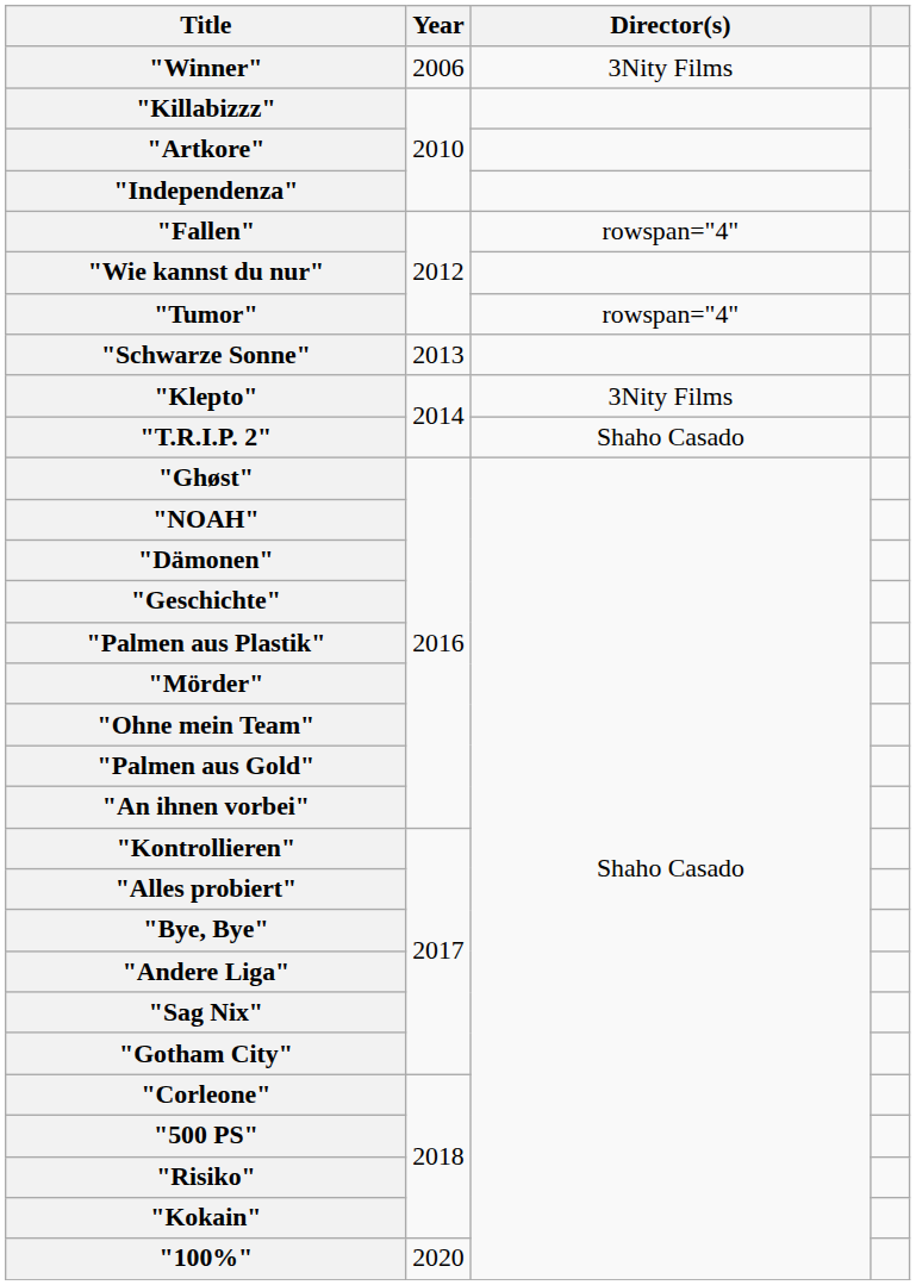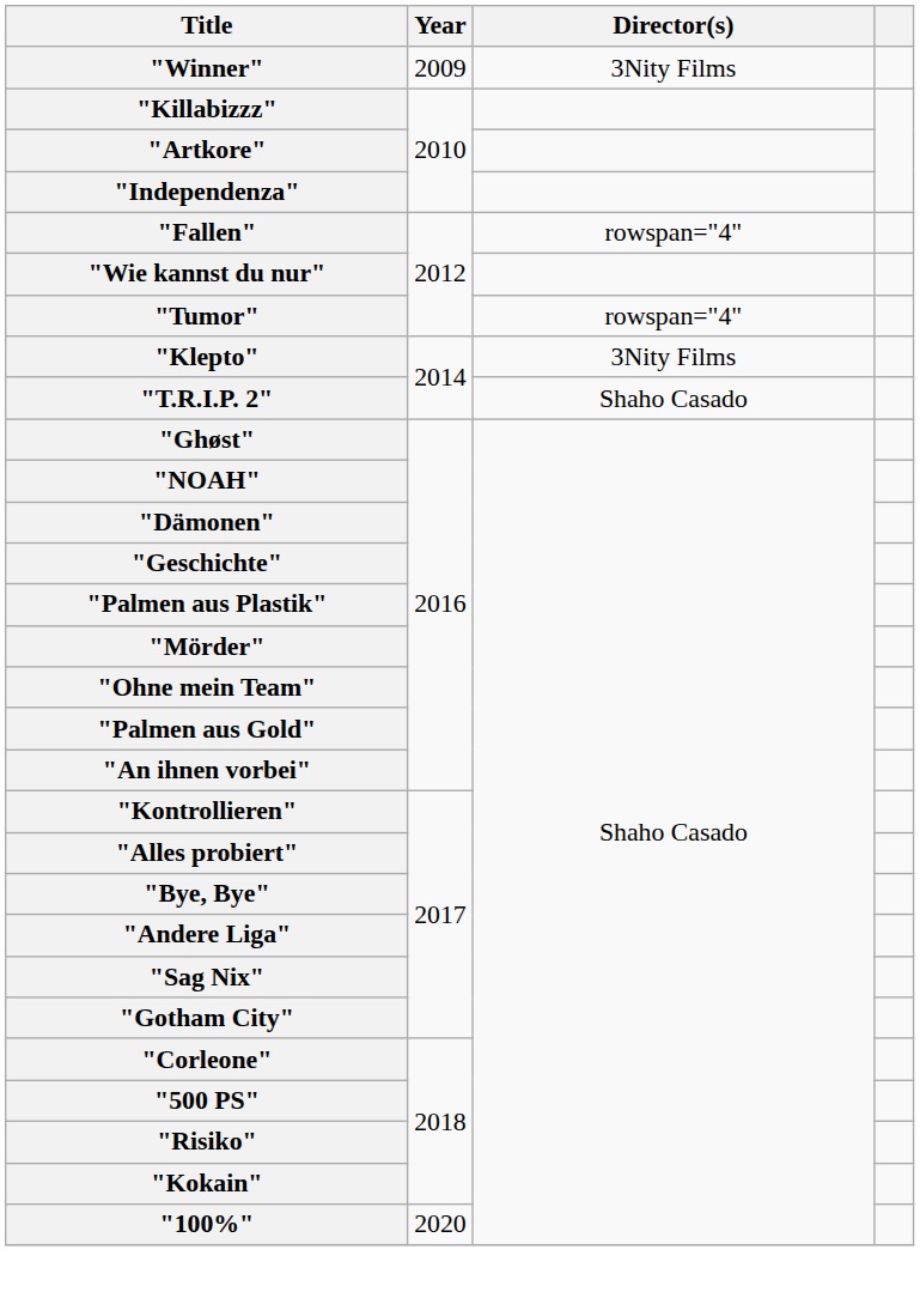 <table class="wikitable plainrowheaders" style="text-align:center;">
 <tr>
 <th scope="col" style="width:15em;">Title</th>
 <th scope="col" style="width:1em;">Year</th>
 <th scope="col" style="width:15em;">Director(s)</th>
 <th scope="col" style="width:1em;"></th>
 </tr>
 <tr>
 <th scope="row">"Winner"</th>
-<td>2006</td>
+<td>2009</td>
 <td>3Nity Films</td>
 <td></td>
 </tr>
 <tr>
 <th scope="row">"Killabizzz"<br></th>
 <td rowspan="3">2010</td>
 <td></td>
 </tr>
 <tr>
 <th scope="row">"Artkore"<br></th>
 <td></td>
 </tr>
 <tr>
 <th scope="row">"Independenza"</th>
 <td></td>
 </tr>
 <tr>
 <th scope="row">"Fallen"<br></th>
 <td rowspan="3">2012</td>
 <td>rowspan="4" </td>
 <td></td>
 </tr>
 <tr>
 <th scope="row">"Wie kannst du nur"</th>
 <td></td>
 <td></td>
 </tr>
 <tr>
 <th scope="row">"Tumor"</th>
 <td>rowspan="4" </td>
-<td></td>
-</tr>
-<tr>
-<th scope="row">"Schwarze Sonne"<br></th>
-<td>2013</td>
-<td></td>
 <td></td>
 </tr>
 <tr>
 <th scope="row">"Klepto"<br></th>
 <td rowspan="2">2014</td>
 <td>3Nity Films</td>
 <td></td>
 </tr>
 <tr>
 <th scope="row">"T.R.I.P. 2"<br></th>
 <td>Shaho Casado</td>
 <td></td>
 </tr>
 <tr>
 <th scope="row">"Ghøst"</th>
 <td rowspan="9">2016</td>
 <td rowspan="20">Shaho Casado</td>
 <td></td>
 </tr>
 <tr>
 <th scope="row">"NOAH"</th>
 <td></td>
 </tr>
 <tr>
 <th scope="row">"Dämonen"</th>
 <td></td>
 </tr>
 <tr>
 <th scope="row">"Geschichte"<br></th>
 <td></td>
 </tr>
 <tr>
 <th scope="row">"Palmen aus Plastik"<br></th>
 <td></td>
 </tr>
 <tr>
 <th scope="row">"Mörder"<br></th>
 <td></td>
 </tr>
 <tr>
 <th scope="row">"Ohne mein Team"<br></th>
 <td></td>
 </tr>
 <tr>
 <th scope="row">"Palmen aus Gold"<br></th>
 <td></td>
 </tr>
 <tr>
 <th scope="row">"An ihnen vorbei"<br></th>
 <td></td>
 </tr>
 <tr>
 <th scope="row">"Kontrollieren"<br></th>
 <td rowspan="6">2017</td>
 <td></td>
 </tr>
 <tr>
 <th scope="row">"Alles probiert"<br></th>
 <td></td>
 </tr>
 <tr>
 <th scope="row">"Bye, Bye"</th>
 <td></td>
 </tr>
 <tr>
 <th scope="row">"Andere Liga"</th>
 <td></td>
 </tr>
 <tr>
 <th scope="row">"Sag Nix"</th>
 <td></td>
 </tr>
 <tr>
 <th scope="row">"Gotham City"</th>
 <td></td>
 </tr>
 <tr>
 <th scope="row">"Corleone"</th>
 <td rowspan="4">2018</td>
 <td></td>
 </tr>
 <tr>
 <th scope="row">"500 PS"<br></th>
 <td></td>
 </tr>
 <tr>
 <th scope="row">"Risiko"<br></th>
 <td></td>
 </tr>
 <tr>
 <th scope="row">"Kokain"<br></th>
 <td></td>
 </tr>
 <tr>
 <th scope="row">"100%"<br></th>
 <td>2020</td>
 <td></td>
 </tr>
 <tr>
 </tr>
 </table>
